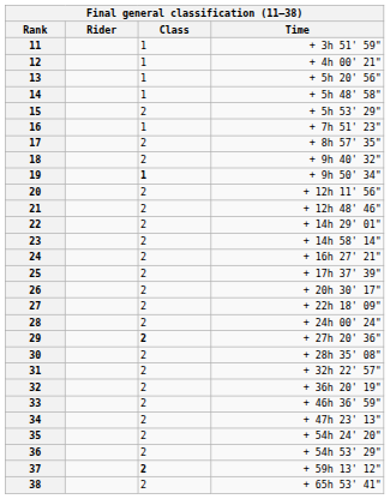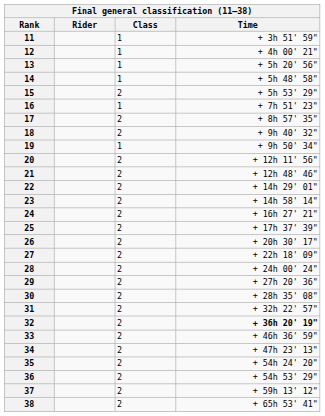 <table class="collapsible collapsed wikitable" style="width:38em;margin-top:-1px;">
 <tr>
 <th scope="col" colspan="4">Final general classification (11–38)</th>
 </tr>
 <tr>
 <th scope="col">Rank</th>
 <th scope="col">Rider</th>
 <th>Class</th>
 <th scope="col">Time</th>
 </tr>
 <tr>
 <th scope="row">11</th>
 <td></td>
 <td>1</td>
 <td style="text-align:right;">+ 3h 51' 59"</td>
 </tr>
 <tr>
 <th scope="row">12</th>
 <td></td>
 <td>1</td>
 <td style="text-align:right;">+ 4h 00' 21"</td>
 </tr>
 <tr>
 <th scope="row">13</th>
 <td></td>
 <td>1</td>
 <td style="text-align:right;">+ 5h 20' 56"</td>
 </tr>
 <tr>
 <th scope="row">14</th>
 <td></td>
 <td>1</td>
 <td style="text-align:right;">+ 5h 48' 58"</td>
 </tr>
 <tr>
 <th scope="row">15</th>
 <td></td>
 <td>2</td>
 <td style="text-align:right;">+ 5h 53' 29"</td>
 </tr>
 <tr>
 <th scope="row">16</th>
 <td></td>
 <td>1</td>
 <td style="text-align:right;">+ 7h 51' 23"</td>
 </tr>
 <tr>
 <th scope="row">17</th>
 <td></td>
 <td>2</td>
 <td style="text-align:right;">+ 8h 57' 35"</td>
 </tr>
 <tr>
 <th scope="row">18</th>
 <td></td>
 <td>2</td>
 <td style="text-align:right;">+ 9h 40' 32"</td>
 </tr>
 <tr>
 <th scope="row">19</th>
 <td></td>
-<td><strong>1</strong></td>
+<td>1</td>
 <td style="text-align:right;">+ 9h 50' 34"</td>
 </tr>
 <tr>
 <th scope="row">20</th>
 <td></td>
 <td>2</td>
 <td style="text-align:right;">+ 12h 11' 56"</td>
 </tr>
 <tr>
 <th scope="row">21</th>
 <td></td>
 <td>2</td>
 <td style="text-align:right;">+ 12h 48' 46"</td>
 </tr>
 <tr>
 <th scope="row">22</th>
 <td></td>
 <td>2</td>
 <td style="text-align:right;">+ 14h 29' 01"</td>
 </tr>
 <tr>
 <th scope="row">23</th>
 <td></td>
 <td>2</td>
 <td style="text-align:right;">+ 14h 58' 14"</td>
 </tr>
 <tr>
 <th scope="row">24</th>
 <td></td>
 <td>2</td>
 <td style="text-align:right;">+ 16h 27' 21"</td>
 </tr>
 <tr>
 <th scope="row">25</th>
 <td></td>
 <td>2</td>
 <td style="text-align:right;">+ 17h 37' 39"</td>
 </tr>
 <tr>
 <th scope="row">26</th>
 <td></td>
 <td>2</td>
 <td style="text-align:right;">+ 20h 30' 17"</td>
 </tr>
 <tr>
 <th scope="row">27</th>
 <td></td>
 <td>2</td>
 <td style="text-align:right;">+ 22h 18' 09"</td>
 </tr>
 <tr>
 <th scope="row">28</th>
 <td></td>
 <td>2</td>
 <td style="text-align:right;">+ 24h 00' 24"</td>
 </tr>
 <tr>
 <th scope="row">29</th>
 <td></td>
-<td><strong>2</strong></td>
+<td>2</td>
 <td style="text-align:right;">+ 27h 20' 36"</td>
 </tr>
 <tr>
 <th scope="row">30</th>
 <td></td>
 <td>2</td>
 <td style="text-align:right;">+ 28h 35' 08"</td>
 </tr>
 <tr>
 <th scope="row">31</th>
 <td></td>
 <td>2</td>
 <td style="text-align:right;">+ 32h 22' 57"</td>
 </tr>
 <tr>
 <th scope="row">32</th>
 <td></td>
 <td>2</td>
-<td style="text-align:right;">+ 36h 20' 19"</td>
+<td style="text-align:right;"><strong>+ 36h 20' 19"</strong></td>
 </tr>
 <tr>
 <th scope="row">33</th>
 <td></td>
 <td>2</td>
 <td style="text-align:right;">+ 46h 36' 59"</td>
 </tr>
 <tr>
 <th scope="row">34</th>
 <td></td>
 <td>2</td>
 <td style="text-align:right;">+ 47h 23' 13"</td>
 </tr>
 <tr>
 <th scope="row">35</th>
 <td></td>
 <td>2</td>
 <td style="text-align:right;">+ 54h 24' 20"</td>
 </tr>
 <tr>
 <th scope="row">36</th>
 <td></td>
 <td>2</td>
 <td style="text-align:right;">+ 54h 53' 29"</td>
 </tr>
 <tr>
 <th scope="row">37</th>
 <td></td>
-<td><strong>2</strong></td>
+<td>2</td>
 <td style="text-align:right;">+ 59h 13' 12"</td>
 </tr>
 <tr>
 <th scope="row">38</th>
 <td></td>
 <td>2</td>
 <td style="text-align:right;">+ 65h 53' 41"</td>
 </tr>
 </table>
